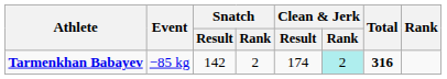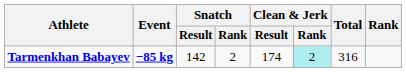 <table class="wikitable" style="font-size:90%">
 <tr>
 <th rowspan="2">Athlete</th>
 <th rowspan="2">Event</th>
 <th colspan="2">Snatch</th>
 <th colspan="2">Clean & Jerk</th>
 <th rowspan="2">Total</th>
 <th rowspan="2">Rank</th>
 </tr>
 <tr style="font-size:95%">
 <th>Result</th>
 <th>Rank</th>
 <th>Result</th>
 <th>Rank</th>
 </tr>
 <tr align=center>
 <td align=left><strong><a href='#'>Tarmenkhan Babayev</a></strong></td>
-<td align=left><a href='#'>−85 kg</a></td>
+<td align=left><strong><a href='#'>−85 kg</a></strong></td>
 <td>142</td>
 <td>2</td>
 <td>174</td>
 <td style="background: paleturquoise;">2</td>
-<td><strong>316</strong></td>
+<td>316</td>
 <td></td>
 </tr>
 </table>
